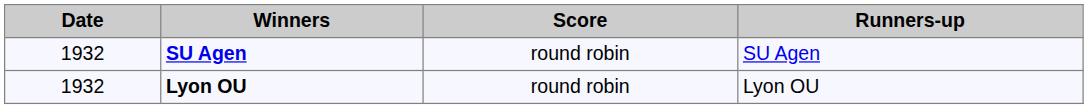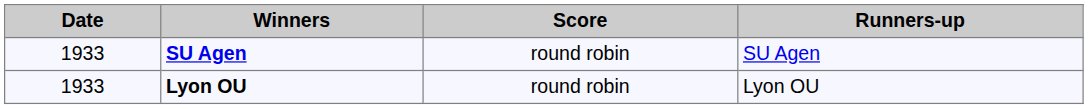 <table cellpadding="4" cellspacing="0" border="1" style="background:#f7f8ff; width:70%; font-size:100%; border:gray solid 1px; border-collapse:collapse;">
 <tr style="background:#ccc;">
 <td align=center><strong>Date</strong></td>
 <td align=center><strong>Winners</strong></td>
 <td align=center><strong>Score</strong></td>
 <td align=center><strong>Runners-up</strong></td>
 </tr>
 <tr>
-<td align=center>1932</td>
+<td align=center>1933</td>
 <td><strong><a href='#'>SU Agen</a></strong></td>
 <td align=center>round robin</td>
 <td><a href='#'>SU Agen</a></td>
 </tr>
 <tr>
-<td align=center>1932</td>
+<td align=center>1933</td>
 <td><strong> Lyon OU</strong></td>
 <td align=center>round robin</td>
 <td>Lyon OU</td>
 </tr>
 </table>
